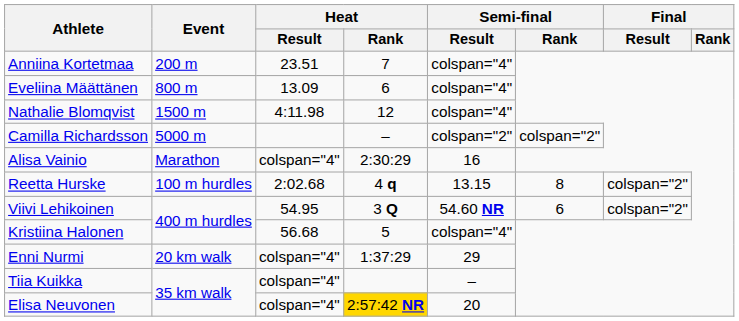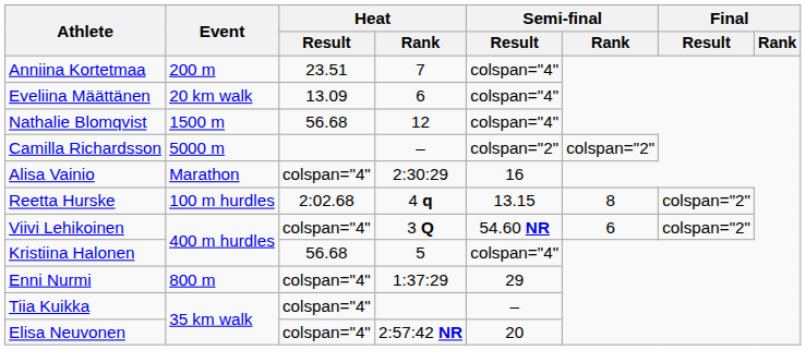 <table class="wikitable" style="font-size:90%">
 <tr>
 <th rowspan="2">Athlete</th>
 <th rowspan="2">Event</th>
 <th colspan="2">Heat</th>
 <th colspan="2">Semi-final</th>
 <th colspan="2">Final</th>
 </tr>
 <tr style="font-size:95%">
 <th>Result</th>
 <th>Rank</th>
 <th>Result</th>
 <th>Rank</th>
 <th>Result</th>
 <th>Rank</th>
 </tr>
 <tr align=center>
 <td align=left><a href='#'>Anniina Kortetmaa</a></td>
 <td align=left><a href='#'>200 m</a></td>
 <td>23.51</td>
 <td>7</td>
 <td>colspan="4" </td>
 </tr>
 <tr align=center>
 <td align=left><a href='#'>Eveliina Määttänen</a></td>
-<td align=left><a href='#'>800 m</a></td>
+<td align=left><a href='#'>20 km walk</a></td>
 <td>13.09</td>
 <td>6</td>
 <td>colspan="4" </td>
 </tr>
 <tr align=center>
 <td align=left><a href='#'>Nathalie Blomqvist</a></td>
 <td align=left><a href='#'>1500 m</a></td>
-<td>4:11.98</td>
+<td>56.68 </td>
 <td>12</td>
 <td>colspan="4" </td>
 </tr>
 <tr align=center>
 <td align=left><a href='#'>Camilla Richardsson</a></td>
 <td align=left><a href='#'>5000 m</a></td>
 <td></td>
 <td>–</td>
 <td>colspan="2" </td>
 <td>colspan="2" </td>
 </tr>
 <tr align=center>
 <td align=left><a href='#'>Alisa Vainio</a></td>
 <td align=left><a href='#'>Marathon</a></td>
 <td>colspan="4" </td>
 <td>2:30:29</td>
 <td>16</td>
 </tr>
 <tr align=center>
 <td align=left><a href='#'>Reetta Hurske</a></td>
 <td align=left><a href='#'>100 m hurdles</a></td>
 <td>2:02.68</td>
 <td>4 <strong>q</strong></td>
 <td>13.15</td>
 <td>8</td>
 <td>colspan="2" </td>
 </tr>
 <tr align=center>
 <td align=left><a href='#'>Viivi Lehikoinen</a></td>
 <td rowspan="2" align=left><a href='#'>400 m hurdles</a></td>
-<td>54.95</td>
+<td>colspan="4" </td>
 <td>3 <strong>Q</strong></td>
 <td>54.60 <strong><a href='#'>NR</a></strong></td>
 <td>6</td>
 <td>colspan="2" </td>
 </tr>
 <tr align=center>
 <td align=left><a href='#'>Kristiina Halonen</a></td>
 <td>56.68 </td>
 <td>5</td>
 <td>colspan="4" </td>
 </tr>
 <tr align=center>
 <td align=left><a href='#'>Enni Nurmi</a></td>
-<td align=left><a href='#'>20 km walk</a></td>
+<td align=left><a href='#'>800 m</a></td>
 <td>colspan="4" </td>
 <td>1:37:29</td>
 <td>29</td>
 </tr>
 <tr align=center>
 <td align=left><a href='#'>Tiia Kuikka</a></td>
 <td align=left rowspan="2"><a href='#'>35 km walk</a></td>
 <td>colspan="4" </td>
 <td></td>
 <td>–</td>
 </tr>
 <tr align=center>
 <td align=left><a href='#'>Elisa Neuvonen</a></td>
 <td>colspan="4" </td>
-<td style="background: gold;">2:57:42  <strong><a href='#'>NR</a></strong></td>
+<td>2:57:42  <strong><a href='#'>NR</a></strong></td>
 <td>20</td>
 </tr>
 </table>
